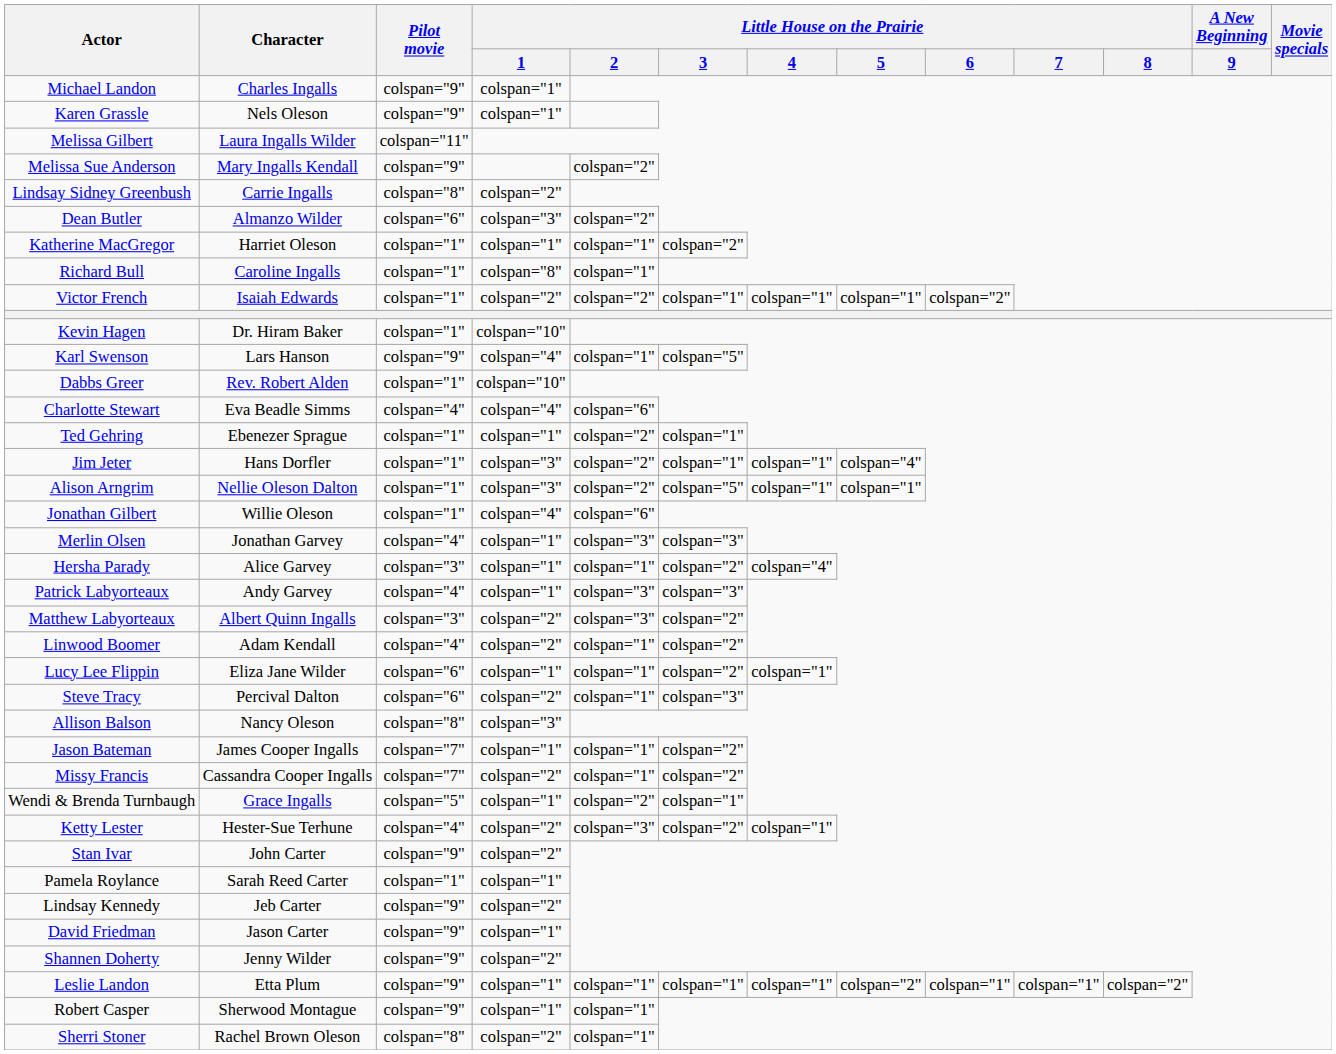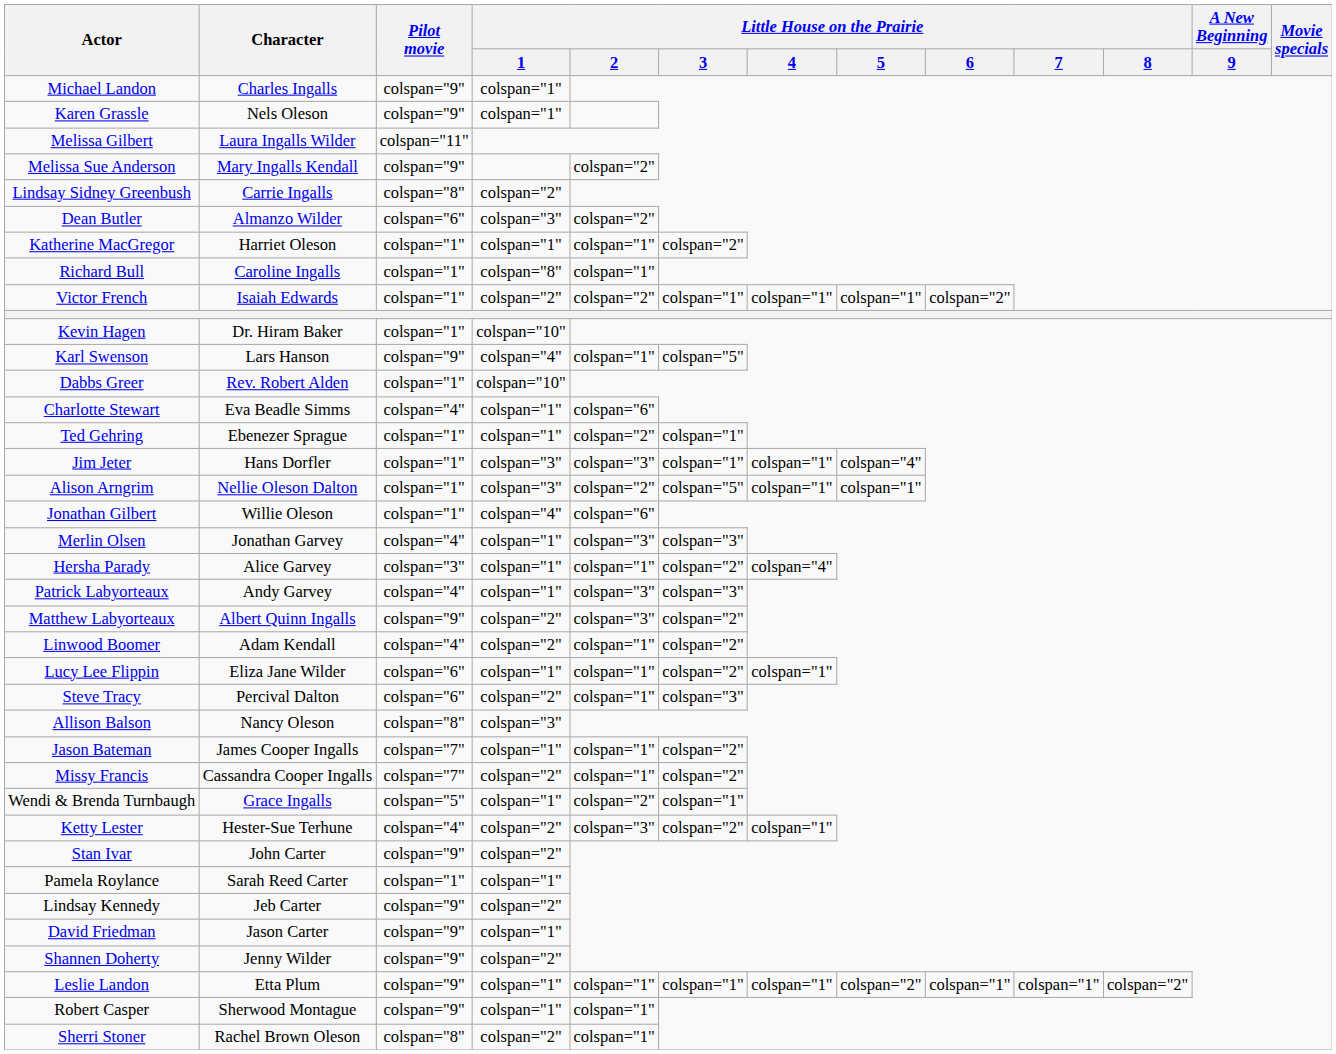 <table class="wikitable" style="text-align:center; white-space:nowrap;">
 <tr>
 <th rowspan="2">Actor</th>
 <th rowspan="2">Character</th>
 <th rowspan="2"><em><a href='#'>Pilot<br>movie</a></em></th>
 <th colspan="8"><em><a href='#'>Little House on the Prairie</a></em></th>
 <th colspan="1"><em><a href='#'>A New<br>Beginning</a></em></th>
 <th rowspan="2"><em><a href='#'>Movie<br>specials</a></em></th>
 </tr>
 <tr>
 <th style="width:5%"><a href='#'>1</a></th>
 <th style="width:5%"><a href='#'>2</a></th>
 <th style="width:5%"><a href='#'>3</a></th>
 <th style="width:5%"><a href='#'>4</a></th>
 <th style="width:5%"><a href='#'>5</a></th>
 <th style="width:5%"><a href='#'>6</a></th>
 <th style="width:5%"><a href='#'>7</a></th>
 <th style="width:5%"><a href='#'>8</a></th>
 <th style="width:5%"><a href='#'>9</a></th>
 </tr>
 <tr>
 <td><a href='#'>Michael Landon</a></td>
 <td><a href='#'>Charles Ingalls</a></td>
 <td>colspan="9" </td>
 <td>colspan="1" </td>
 </tr>
 <tr>
 <td><a href='#'>Karen Grassle</a></td>
 <td>Nels Oleson</td>
 <td>colspan="9" </td>
 <td>colspan="1" </td>
 <td></td>
 </tr>
 <tr>
 <td><a href='#'>Melissa Gilbert</a></td>
 <td><a href='#'>Laura Ingalls Wilder</a></td>
 <td>colspan="11" </td>
 </tr>
 <tr>
 <td><a href='#'>Melissa Sue Anderson</a></td>
 <td><a href='#'>Mary Ingalls Kendall</a></td>
 <td>colspan="9" </td>
 <td></td>
 <td>colspan="2" </td>
 </tr>
 <tr>
 <td><a href='#'>Lindsay Sidney Greenbush</a></td>
 <td><a href='#'>Carrie Ingalls</a></td>
 <td>colspan="8" </td>
 <td>colspan="2" </td>
 </tr>
 <tr>
 <td><a href='#'>Dean Butler</a></td>
 <td><a href='#'>Almanzo Wilder</a></td>
 <td>colspan="6" </td>
 <td>colspan="3" </td>
 <td>colspan="2" </td>
 </tr>
 <tr>
 <td><a href='#'>Katherine MacGregor</a></td>
 <td>Harriet Oleson</td>
 <td>colspan="1" </td>
 <td>colspan="1" </td>
 <td>colspan="1" </td>
 <td>colspan="2" </td>
 </tr>
 <tr>
 <td><a href='#'>Richard Bull</a></td>
 <td><a href='#'>Caroline Ingalls</a></td>
 <td>colspan="1" </td>
 <td>colspan="8" </td>
 <td>colspan="1" </td>
 </tr>
 <tr>
 <td><a href='#'>Victor French</a></td>
 <td><a href='#'>Isaiah Edwards</a></td>
 <td>colspan="1" </td>
 <td>colspan="2" </td>
 <td>colspan="2" </td>
 <td>colspan="1" </td>
 <td>colspan="1" </td>
 <td>colspan="1" </td>
 <td>colspan="2" </td>
 </tr>
 <tr>
 <th colspan=13></th>
 </tr>
 <tr>
 <td><a href='#'>Kevin Hagen</a></td>
 <td>Dr. Hiram Baker</td>
 <td>colspan="1" </td>
 <td>colspan="10" </td>
 </tr>
 <tr>
 <td><a href='#'>Karl Swenson</a></td>
 <td>Lars Hanson</td>
 <td>colspan="9" </td>
 <td>colspan="4" </td>
 <td>colspan="1" </td>
 <td>colspan="5" </td>
 </tr>
 <tr>
 <td><a href='#'>Dabbs Greer</a></td>
 <td><a href='#'>Rev. Robert Alden</a></td>
 <td>colspan="1" </td>
 <td>colspan="10" </td>
 </tr>
 <tr>
 <td><a href='#'>Charlotte Stewart</a></td>
 <td>Eva Beadle Simms</td>
 <td>colspan="4" </td>
-<td>colspan="4" </td>
+<td>colspan="1" </td>
 <td>colspan="6" </td>
 </tr>
 <tr>
 <td><a href='#'>Ted Gehring</a></td>
 <td>Ebenezer Sprague</td>
 <td>colspan="1" </td>
 <td>colspan="1" </td>
 <td>colspan="2" </td>
 <td>colspan="1" </td>
 </tr>
 <tr>
 <td><a href='#'>Jim Jeter</a></td>
 <td>Hans Dorfler</td>
 <td>colspan="1" </td>
 <td>colspan="3" </td>
-<td>colspan="2" </td>
+<td>colspan="3" </td>
 <td>colspan="1" </td>
 <td>colspan="1" </td>
 <td>colspan="4" </td>
 </tr>
 <tr>
 <td><a href='#'>Alison Arngrim</a></td>
 <td><a href='#'>Nellie Oleson Dalton</a></td>
 <td>colspan="1" </td>
 <td>colspan="3" </td>
 <td>colspan="2" </td>
 <td>colspan="5" </td>
 <td>colspan="1" </td>
 <td>colspan="1" </td>
 </tr>
 <tr>
 <td><a href='#'>Jonathan Gilbert</a></td>
 <td>Willie Oleson</td>
 <td>colspan="1" </td>
 <td>colspan="4" </td>
 <td>colspan="6" </td>
 </tr>
 <tr>
 <td><a href='#'>Merlin Olsen</a></td>
 <td>Jonathan Garvey</td>
 <td>colspan="4" </td>
 <td>colspan="1" </td>
 <td>colspan="3" </td>
 <td>colspan="3" </td>
 </tr>
 <tr>
 <td><a href='#'>Hersha Parady</a></td>
 <td>Alice Garvey</td>
 <td>colspan="3" </td>
 <td>colspan="1" </td>
 <td>colspan="1" </td>
 <td>colspan="2" </td>
 <td>colspan="4" </td>
 </tr>
 <tr>
 <td><a href='#'>Patrick Labyorteaux</a></td>
 <td>Andy Garvey</td>
 <td>colspan="4" </td>
 <td>colspan="1" </td>
 <td>colspan="3" </td>
 <td>colspan="3" </td>
 </tr>
 <tr>
 <td><a href='#'>Matthew Labyorteaux</a></td>
 <td><a href='#'>Albert Quinn Ingalls</a></td>
-<td>colspan="3" </td>
+<td>colspan="9" </td>
 <td>colspan="2" </td>
 <td>colspan="3" </td>
 <td>colspan="2" </td>
 </tr>
 <tr>
 <td><a href='#'>Linwood Boomer</a></td>
 <td>Adam Kendall</td>
 <td>colspan="4" </td>
 <td>colspan="2" </td>
 <td>colspan="1" </td>
 <td>colspan="2" </td>
 </tr>
 <tr>
 <td><a href='#'>Lucy Lee Flippin</a></td>
 <td>Eliza Jane Wilder</td>
 <td>colspan="6" </td>
 <td>colspan="1" </td>
 <td>colspan="1" </td>
 <td>colspan="2" </td>
 <td>colspan="1" </td>
 </tr>
 <tr>
 <td><a href='#'>Steve Tracy</a></td>
 <td>Percival Dalton</td>
 <td>colspan="6" </td>
 <td>colspan="2" </td>
 <td>colspan="1" </td>
 <td>colspan="3" </td>
 </tr>
 <tr>
 <td><a href='#'>Allison Balson</a></td>
 <td>Nancy Oleson</td>
 <td>colspan="8" </td>
 <td>colspan="3" </td>
 </tr>
 <tr>
 <td><a href='#'>Jason Bateman</a></td>
 <td>James Cooper Ingalls</td>
 <td>colspan="7" </td>
 <td>colspan="1" </td>
 <td>colspan="1" </td>
 <td>colspan="2" </td>
 </tr>
 <tr>
 <td><a href='#'>Missy Francis</a></td>
 <td>Cassandra Cooper Ingalls</td>
 <td>colspan="7" </td>
 <td>colspan="2" </td>
 <td>colspan="1" </td>
 <td>colspan="2" </td>
 </tr>
 <tr>
 <td>Wendi & Brenda Turnbaugh</td>
 <td><a href='#'>Grace Ingalls</a></td>
 <td>colspan="5" </td>
 <td>colspan="1" </td>
 <td>colspan="2" </td>
 <td>colspan="1" </td>
 </tr>
 <tr>
 <td><a href='#'>Ketty Lester</a></td>
 <td>Hester-Sue Terhune</td>
 <td>colspan="4" </td>
 <td>colspan="2" </td>
 <td>colspan="3" </td>
 <td>colspan="2" </td>
 <td>colspan="1" </td>
 </tr>
 <tr>
 <td><a href='#'>Stan Ivar</a></td>
 <td>John Carter</td>
 <td>colspan="9" </td>
 <td>colspan="2" </td>
 </tr>
 <tr>
 <td>Pamela Roylance</td>
 <td>Sarah Reed Carter</td>
 <td>colspan="1" </td>
 <td>colspan="1" </td>
 </tr>
 <tr>
 <td>Lindsay Kennedy</td>
 <td>Jeb Carter</td>
 <td>colspan="9" </td>
 <td>colspan="2" </td>
 </tr>
 <tr>
 <td><a href='#'>David Friedman</a></td>
 <td>Jason Carter</td>
 <td>colspan="9" </td>
 <td>colspan="1" </td>
 </tr>
 <tr>
 <td><a href='#'>Shannen Doherty</a></td>
 <td>Jenny Wilder</td>
 <td>colspan="9" </td>
 <td>colspan="2" </td>
 </tr>
 <tr>
 <td><a href='#'>Leslie Landon</a></td>
 <td>Etta Plum</td>
 <td>colspan="9" </td>
 <td>colspan="1" </td>
 <td>colspan="1" </td>
 <td>colspan="1" </td>
 <td>colspan="1" </td>
 <td>colspan="2" </td>
 <td>colspan="1" </td>
 <td>colspan="1" </td>
 <td>colspan="2" </td>
 </tr>
 <tr>
 <td>Robert Casper</td>
 <td>Sherwood Montague</td>
 <td>colspan="9" </td>
 <td>colspan="1" </td>
 <td>colspan="1" </td>
 </tr>
 <tr>
 <td><a href='#'>Sherri Stoner</a></td>
 <td>Rachel Brown Oleson</td>
 <td>colspan="8" </td>
 <td>colspan="2" </td>
 <td>colspan="1" </td>
 </tr>
 </table>
